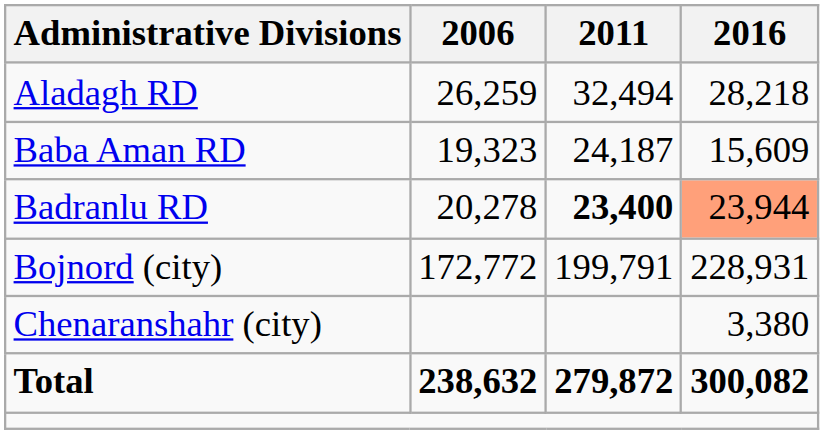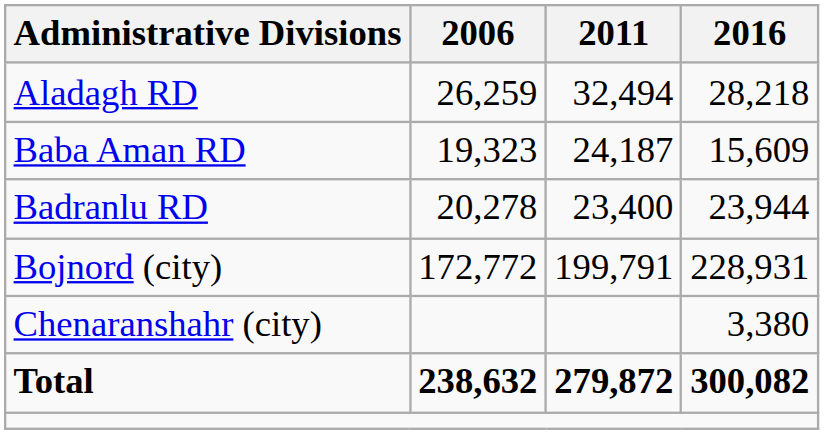 <table class="wikitable">
 <tr>
 <th>Administrative Divisions</th>
 <th>2006</th>
 <th>2011</th>
 <th>2016</th>
 </tr>
 <tr>
 <td><a href='#'>Aladagh RD</a></td>
 <td style="text-align: right;">26,259</td>
 <td style="text-align: right;">32,494</td>
 <td style="text-align: right;">28,218</td>
 </tr>
 <tr>
 <td><a href='#'>Baba Aman RD</a></td>
 <td style="text-align: right;">19,323</td>
 <td style="text-align: right;">24,187</td>
 <td style="text-align: right;">15,609</td>
 </tr>
 <tr>
 <td><a href='#'>Badranlu RD</a></td>
 <td style="text-align: right;">20,278</td>
-<td style="text-align: right;"><strong>23,400</strong></td>
-<td style="background: lightsalmon; text-align: right;">23,944</td>
+<td style="text-align: right;">23,400</td>
+<td style="text-align: right;">23,944</td>
 </tr>
 <tr>
 <td><a href='#'>Bojnord</a> (city)</td>
 <td style="text-align: right;">172,772</td>
 <td style="text-align: right;">199,791</td>
 <td style="text-align: right;">228,931</td>
 </tr>
 <tr>
 <td><a href='#'>Chenaranshahr</a> (city)</td>
 <td style="text-align: right;"></td>
 <td style="text-align: right;"></td>
 <td style="text-align: right;">3,380</td>
 </tr>
 <tr>
 <td><strong>Total</strong></td>
 <td style="text-align: right;"><strong>238,632</strong></td>
 <td style="text-align: right;"><strong>279,872</strong></td>
 <td style="text-align: right;"><strong>300,082</strong></td>
 </tr>
 <tr>
 <td colspan=4></td>
 </tr>
 </table>
